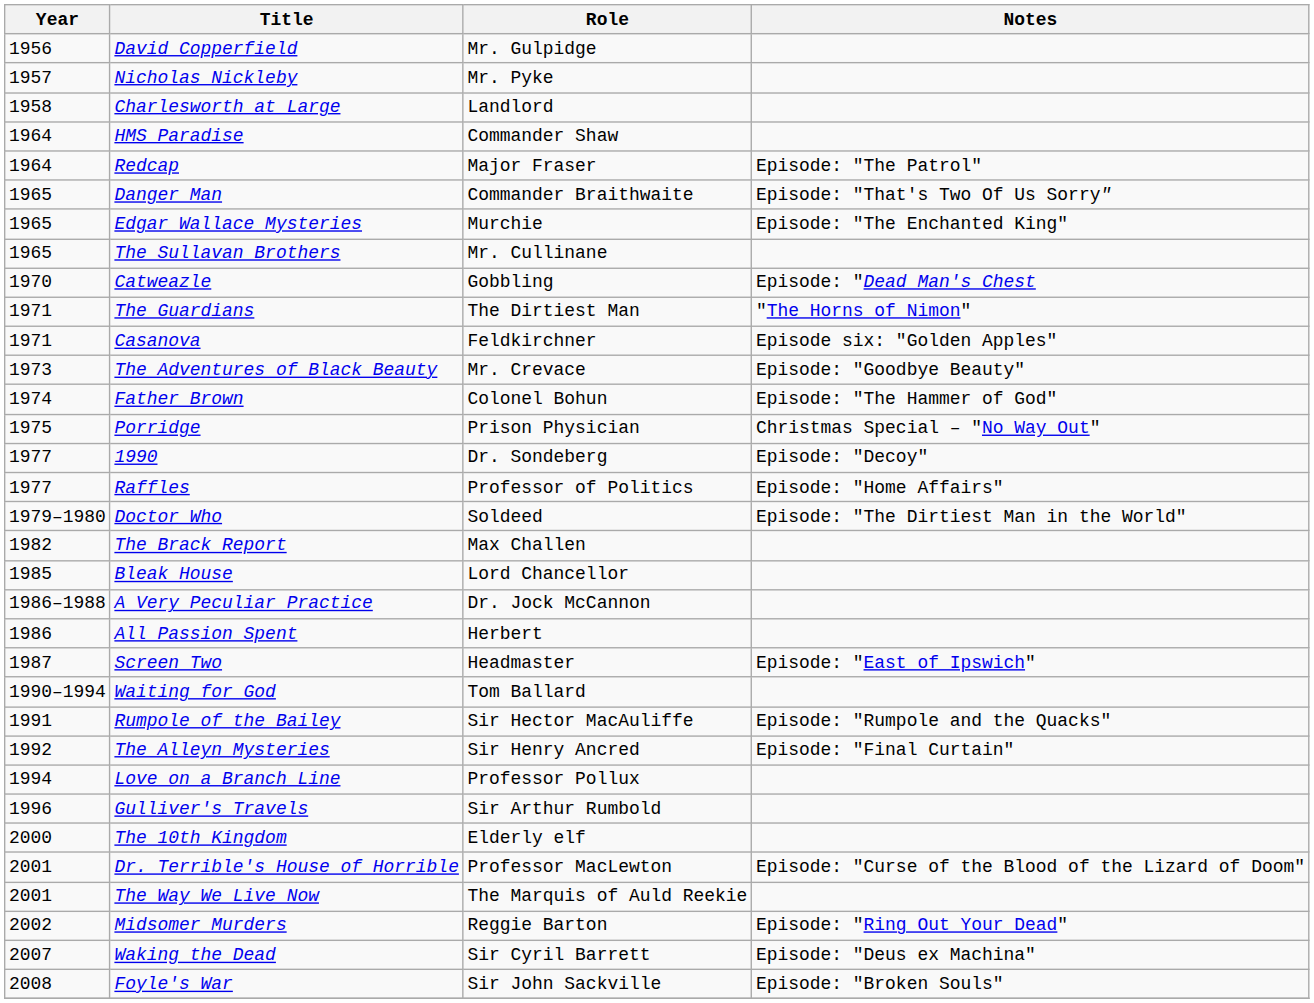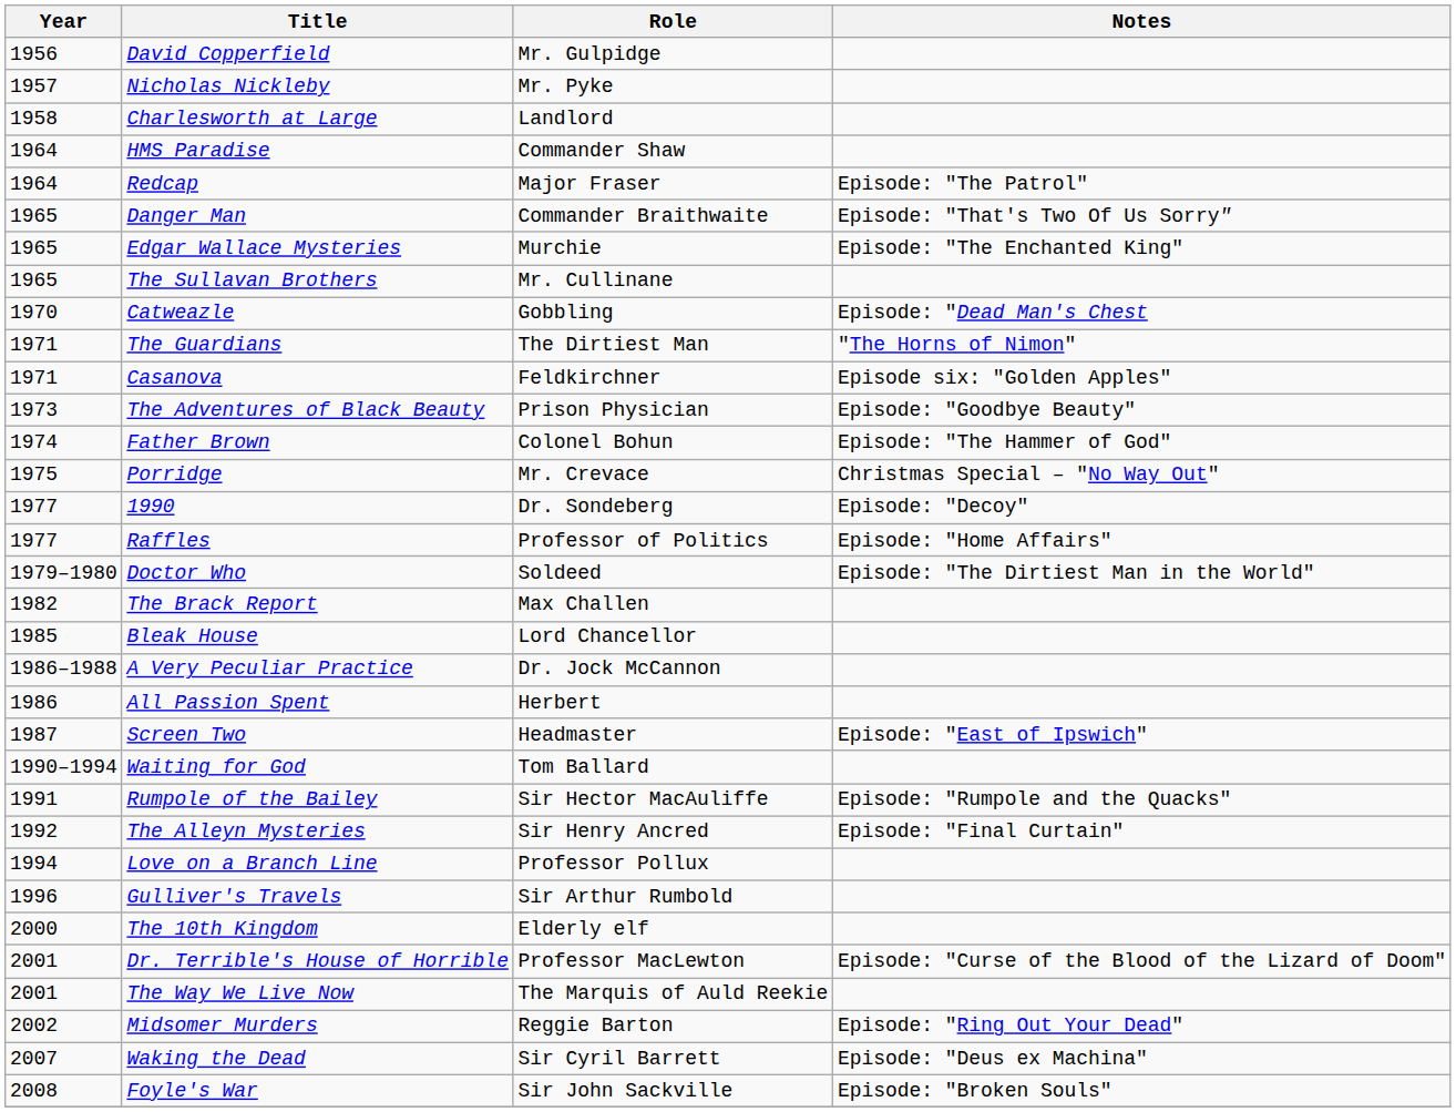 <table class= "wikitable">
 <tr>
 <th>Year</th>
 <th>Title</th>
 <th>Role</th>
 <th>Notes</th>
 </tr>
 <tr>
 <td>1956</td>
 <td><em><a href='#'>David Copperfield</a></em></td>
 <td>Mr. Gulpidge</td>
 <td></td>
 </tr>
 <tr>
 <td>1957</td>
 <td><em><a href='#'>Nicholas Nickleby</a></em></td>
 <td>Mr. Pyke</td>
 <td></td>
 </tr>
 <tr>
 <td>1958</td>
 <td><em><a href='#'>Charlesworth at Large</a></em></td>
 <td>Landlord</td>
 <td></td>
 </tr>
 <tr>
 <td>1964</td>
 <td><em><a href='#'>HMS Paradise</a></em></td>
 <td>Commander Shaw</td>
 <td></td>
 </tr>
 <tr>
 <td>1964</td>
 <td><em><a href='#'>Redcap</a></em></td>
 <td>Major Fraser</td>
 <td>Episode: "The Patrol"</td>
 </tr>
 <tr>
 <td>1965</td>
 <td><em><a href='#'>Danger Man</a></em></td>
 <td>Commander Braithwaite</td>
 <td>Episode: "That's Two Of Us Sorry<em>"</em></td>
 </tr>
 <tr>
 <td>1965</td>
 <td><em><a href='#'>Edgar Wallace Mysteries</a></em></td>
 <td>Murchie</td>
 <td>Episode: "The Enchanted King"</td>
 </tr>
 <tr>
 <td>1965</td>
 <td><em><a href='#'>The Sullavan Brothers</a></em></td>
 <td>Mr. Cullinane</td>
 <td></td>
 </tr>
 <tr>
 <td>1970</td>
 <td><em><a href='#'>Catweazle</a></em></td>
 <td>Gobbling</td>
 <td>Episode: "<em><a href='#'>Dead Man's Chest</a></em></td>
 </tr>
 <tr>
 <td>1971</td>
 <td><em><a href='#'>The Guardians</a></em></td>
 <td>The Dirtiest Man</td>
 <td>"<a href='#'>The Horns of Nimon</a>"</td>
 </tr>
 <tr>
 <td>1971</td>
 <td><em><a href='#'>Casanova</a></em></td>
 <td>Feldkirchner</td>
 <td>Episode six: "Golden Apples"</td>
 </tr>
 <tr>
 <td>1973</td>
 <td><em><a href='#'>The Adventures of Black Beauty</a></em></td>
-<td>Mr. Crevace</td>
+<td>Prison Physician</td>
 <td>Episode: "Goodbye Beauty"</td>
 </tr>
 <tr>
 <td>1974</td>
 <td><a href='#'><em>Father Brown</em></a></td>
 <td>Colonel Bohun</td>
 <td>Episode: "The Hammer of God"</td>
 </tr>
 <tr>
 <td>1975</td>
 <td><em><a href='#'>Porridge</a></em></td>
-<td>Prison Physician</td>
+<td>Mr. Crevace</td>
 <td>Christmas Special – "<a href='#'>No Way Out</a>"</td>
 </tr>
 <tr>
 <td>1977</td>
 <td><em><a href='#'>1990</a></em></td>
 <td>Dr. Sondeberg</td>
 <td>Episode: "Decoy"</td>
 </tr>
 <tr>
 <td>1977</td>
 <td><em><a href='#'>Raffles</a></em></td>
 <td>Professor of Politics</td>
 <td>Episode: "Home Affairs"</td>
 </tr>
 <tr>
 <td>1979–1980</td>
 <td><em><a href='#'>Doctor Who</a></em></td>
 <td>Soldeed</td>
 <td>Episode: "The Dirtiest Man in the World"</td>
 </tr>
 <tr>
 <td>1982</td>
 <td><em><a href='#'>The Brack Report</a></em></td>
 <td>Max Challen</td>
 <td></td>
 </tr>
 <tr>
 <td>1985</td>
 <td><em><a href='#'>Bleak House</a></em></td>
 <td>Lord Chancellor</td>
 <td></td>
 </tr>
 <tr>
 <td>1986–1988</td>
 <td><em><a href='#'>A Very Peculiar Practice</a></em></td>
 <td>Dr. Jock McCannon</td>
 <td></td>
 </tr>
 <tr>
 <td>1986</td>
 <td><em><a href='#'>All Passion Spent</a></em></td>
 <td>Herbert</td>
 <td></td>
 </tr>
 <tr>
 <td>1987</td>
 <td><em><a href='#'>Screen Two</a></em></td>
 <td>Headmaster</td>
 <td>Episode: "<a href='#'>East of Ipswich</a>"</td>
 </tr>
 <tr>
 <td>1990–1994</td>
 <td><em><a href='#'>Waiting for God</a></em></td>
 <td>Tom Ballard</td>
 <td></td>
 </tr>
 <tr>
 <td>1991</td>
 <td><em><a href='#'>Rumpole of the Bailey</a></em></td>
 <td>Sir Hector MacAuliffe</td>
 <td>Episode: "Rumpole and the Quacks"</td>
 </tr>
 <tr>
 <td>1992</td>
 <td><em><a href='#'>The Alleyn Mysteries</a></em></td>
 <td>Sir Henry Ancred</td>
 <td>Episode: "Final Curtain"</td>
 </tr>
 <tr>
 <td>1994</td>
 <td><em><a href='#'>Love on a Branch Line</a></em></td>
 <td>Professor Pollux</td>
 <td></td>
 </tr>
 <tr>
 <td>1996</td>
 <td><em><a href='#'>Gulliver's Travels</a></em></td>
 <td>Sir Arthur Rumbold</td>
 <td></td>
 </tr>
 <tr>
 <td>2000</td>
 <td><em><a href='#'>The 10th Kingdom</a></em></td>
 <td>Elderly elf</td>
 <td></td>
 </tr>
 <tr>
 <td>2001</td>
 <td><em><a href='#'>Dr. Terrible's House of Horrible</a></em></td>
 <td>Professor MacLewton</td>
 <td>Episode: "Curse of the Blood of the Lizard of Doom"</td>
 </tr>
 <tr>
 <td>2001</td>
 <td><em><a href='#'>The Way We Live Now</a></em></td>
 <td>The Marquis of Auld Reekie</td>
 <td></td>
 </tr>
 <tr>
 <td>2002</td>
 <td><em><a href='#'>Midsomer Murders</a></em></td>
 <td>Reggie Barton</td>
 <td>Episode: "<a href='#'>Ring Out Your Dead</a>"</td>
 </tr>
 <tr>
 <td>2007</td>
 <td><em><a href='#'>Waking the Dead</a></em></td>
 <td>Sir Cyril Barrett</td>
 <td>Episode: "Deus ex Machina"</td>
 </tr>
 <tr>
 <td>2008</td>
 <td><em><a href='#'>Foyle's War</a></em></td>
 <td>Sir John Sackville</td>
 <td>Episode: "Broken Souls"</td>
 </tr>
 <tr>
 </tr>
 </table>
